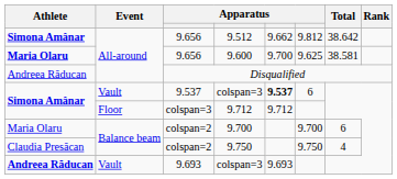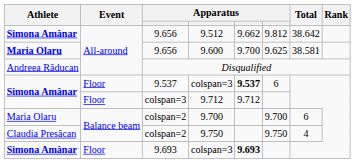 <table class="wikitable" style="font-size:90%">
 <tr>
 <th rowspan=2>Athlete</th>
 <th rowspan=2>Event</th>
 <th colspan =4>Apparatus</th>
 <th rowspan=2>Total</th>
 <th rowspan=2>Rank</th>
 </tr>
 <tr style="font-size:95%">
 <th></th>
 <th></th>
 <th></th>
 <th></th>
 </tr>
 <tr align=center>
 <td align=left><strong><a href='#'>Simona Amânar</a></strong></td>
 <td align=left rowspan=3><a href='#'>All-around</a></td>
 <td>9.656</td>
 <td>9.512</td>
 <td>9.662</td>
 <td>9.812</td>
 <td>38.642</td>
 <td></td>
 </tr>
 <tr align=center>
 <td align=left><strong><a href='#'>Maria Olaru</a></strong></td>
 <td>9.656</td>
 <td>9.600</td>
 <td>9.700</td>
 <td>9.625</td>
 <td>38.581</td>
 <td></td>
 </tr>
 <tr align=center>
 <td align=left><a href='#'>Andreea Răducan</a></td>
 <td colspan=6><em>Disqualified</em></td>
 </tr>
 <tr align=center>
 <td align=left rowspan=2><strong><a href='#'>Simona Amânar</a></strong></td>
-<td align=left><a href='#'>Vault</a></td>
+<td align=left><a href='#'>Floor</a></td>
 <td>9.537</td>
 <td>colspan=3 </td>
 <td><strong>9.537</strong></td>
 <td>6</td>
 </tr>
 <tr align=center>
 <td align=left><a href='#'>Floor</a></td>
 <td>colspan=3 </td>
 <td>9.712</td>
 <td>9.712</td>
 <td></td>
 </tr>
 <tr align=center>
 <td align=left><a href='#'>Maria Olaru</a></td>
 <td align=left rowspan=2><a href='#'>Balance beam</a></td>
 <td>colspan=2 </td>
 <td>9.700</td>
 <td></td>
 <td>9.700</td>
 <td>6</td>
 </tr>
 <tr align=center>
 <td align=left><a href='#'>Claudia Presăcan</a></td>
 <td>colspan=2 </td>
 <td>9.750</td>
 <td></td>
 <td>9.750</td>
 <td>4</td>
 </tr>
 <tr align=center>
-<td align=left><strong><a href='#'>Andreea Răducan</a></strong></td>
-<td align=left><a href='#'>Vault</a></td>
+<td align=left><strong><a href='#'>Simona Amânar</a></strong></td>
+<td align=left><a href='#'>Floor</a></td>
 <td>9.693</td>
 <td>colspan=3 </td>
-<td>9.693</td>
+<td><strong>9.693</strong></td>
 <td></td>
 </tr>
 </table>
